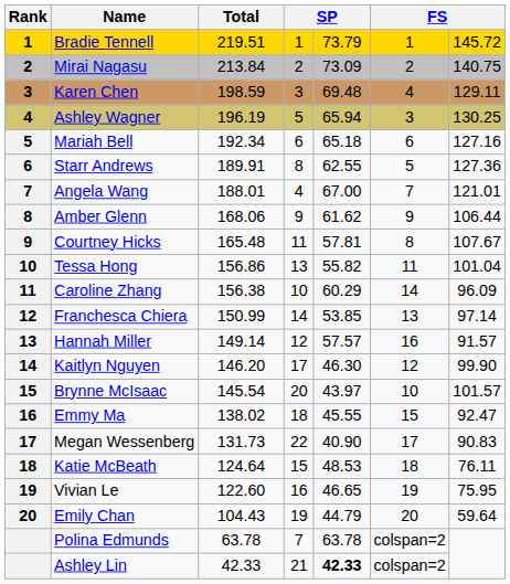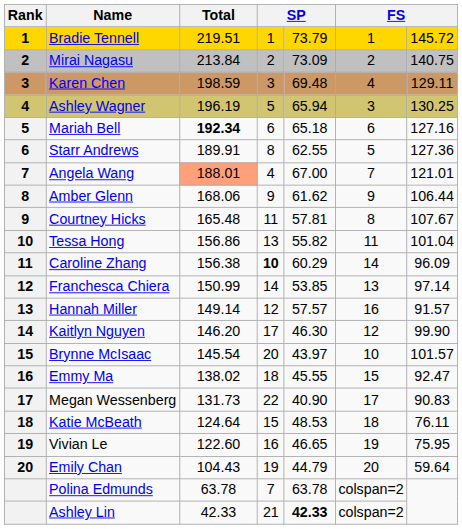 <table class="wikitable sortable">
 <tr>
 <th>Rank</th>
 <th>Name</th>
 <th width="80px">Total</th>
 <th colspan="2" width="80px"><a href='#'>SP</a></th>
 <th colspan="2" width="80px"><a href='#'>FS</a></th>
 </tr>
 <tr bgcolor="gold">
 <td align="center"><strong>1</strong></td>
 <td><a href='#'>Bradie Tennell</a></td>
 <td align="center">219.51</td>
 <td align="center">1</td>
 <td align="center">73.79</td>
 <td align="center">1</td>
 <td align="center">145.72</td>
 </tr>
 <tr bgcolor="silver">
 <td align="center"><strong>2</strong></td>
 <td><a href='#'>Mirai Nagasu</a></td>
 <td align="center">213.84</td>
 <td align="center">2</td>
 <td align="center">73.09</td>
 <td align="center">2</td>
 <td align="center">140.75</td>
 </tr>
 <tr bgcolor="cc9966">
 <td align="center"><strong>3</strong></td>
 <td><a href='#'>Karen Chen</a></td>
 <td align="center">198.59</td>
 <td align="center">3</td>
 <td align="center">69.48</td>
 <td align="center">4</td>
 <td align="center">129.11</td>
 </tr>
 <tr bgcolor="#d1c571">
 <td align="center"><strong>4</strong></td>
 <td><a href='#'>Ashley Wagner</a></td>
 <td align="center">196.19</td>
 <td align="center">5</td>
 <td align="center">65.94</td>
 <td align="center">3</td>
 <td align="center">130.25</td>
 </tr>
 <tr>
 <th>5</th>
 <td><a href='#'>Mariah Bell</a></td>
-<td align="center">192.34</td>
+<td align="center"><strong>192.34</strong></td>
 <td align="center">6</td>
 <td align="center">65.18</td>
 <td align="center">6</td>
 <td align="center">127.16</td>
 </tr>
 <tr>
 <th>6</th>
 <td><a href='#'>Starr Andrews</a></td>
 <td align="center">189.91</td>
 <td align="center">8</td>
 <td align="center">62.55</td>
 <td align="center">5</td>
 <td align="center">127.36</td>
 </tr>
 <tr>
 <th>7</th>
 <td><a href='#'>Angela Wang</a></td>
-<td align="center">188.01</td>
+<td align="center" style="background: lightsalmon;">188.01</td>
 <td align="center">4</td>
 <td align="center">67.00</td>
 <td align="center">7</td>
 <td align="center">121.01</td>
 </tr>
 <tr>
 <th>8</th>
 <td><a href='#'>Amber Glenn</a></td>
 <td align="center">168.06</td>
 <td align="center">9</td>
 <td align="center">61.62</td>
 <td align="center">9</td>
 <td align="center">106.44</td>
 </tr>
 <tr>
 <th>9</th>
 <td><a href='#'>Courtney Hicks</a></td>
 <td align="center">165.48</td>
 <td align="center">11</td>
 <td align="center">57.81</td>
 <td align="center">8</td>
 <td align="center">107.67</td>
 </tr>
 <tr>
 <th>10</th>
 <td><a href='#'>Tessa Hong</a></td>
 <td align="center">156.86</td>
 <td align="center">13</td>
 <td align="center">55.82</td>
 <td align="center">11</td>
 <td align="center">101.04</td>
 </tr>
 <tr>
 <th>11</th>
 <td><a href='#'>Caroline Zhang</a></td>
 <td align="center">156.38</td>
-<td align="center">10</td>
+<td align="center"><strong>10</strong></td>
 <td align="center">60.29</td>
 <td align="center">14</td>
 <td align="center">96.09</td>
 </tr>
 <tr>
 <th>12</th>
 <td><a href='#'>Franchesca Chiera</a></td>
 <td align="center">150.99</td>
 <td align="center">14</td>
 <td align="center">53.85</td>
 <td align="center">13</td>
 <td align="center">97.14</td>
 </tr>
 <tr>
 <th>13</th>
 <td><a href='#'>Hannah Miller</a></td>
 <td align="center">149.14</td>
 <td align="center">12</td>
 <td align="center">57.57</td>
 <td align="center">16</td>
 <td align="center">91.57</td>
 </tr>
 <tr>
 <th>14</th>
 <td><a href='#'>Kaitlyn Nguyen</a></td>
 <td align="center">146.20</td>
 <td align="center">17</td>
 <td align="center">46.30</td>
 <td align="center">12</td>
 <td align="center">99.90</td>
 </tr>
 <tr>
 <th>15</th>
 <td><a href='#'>Brynne McIsaac</a></td>
 <td align="center">145.54</td>
 <td align="center">20</td>
 <td align="center">43.97</td>
 <td align="center">10</td>
 <td align="center">101.57</td>
 </tr>
 <tr>
 <th>16</th>
 <td><a href='#'>Emmy Ma</a></td>
 <td align="center">138.02</td>
 <td align="center">18</td>
 <td align="center">45.55</td>
 <td align="center">15</td>
 <td align="center">92.47</td>
 </tr>
 <tr>
 <th>17</th>
 <td>Megan Wessenberg</td>
 <td align="center">131.73</td>
 <td align="center">22</td>
 <td align="center">40.90</td>
 <td align="center">17</td>
 <td align="center">90.83</td>
 </tr>
 <tr>
 <th>18</th>
 <td><a href='#'>Katie McBeath</a></td>
 <td align="center">124.64</td>
 <td align="center">15</td>
 <td align="center">48.53</td>
 <td align="center">18</td>
 <td align="center">76.11</td>
 </tr>
 <tr>
 <th>19</th>
 <td>Vivian Le</td>
 <td align="center">122.60</td>
 <td align="center">16</td>
 <td align="center">46.65</td>
 <td align="center">19</td>
 <td align="center">75.95</td>
 </tr>
 <tr>
 <th>20</th>
 <td><a href='#'>Emily Chan</a></td>
 <td align="center">104.43</td>
 <td align="center">19</td>
 <td align="center">44.79</td>
 <td align="center">20</td>
 <td align="center">59.64</td>
 </tr>
 <tr>
 <th></th>
 <td><a href='#'>Polina Edmunds</a></td>
 <td align="center">63.78</td>
 <td align="center">7</td>
 <td align="center">63.78</td>
 <td>colspan=2 </td>
 </tr>
 <tr>
 <th></th>
 <td><a href='#'>Ashley Lin</a></td>
 <td align="center">42.33</td>
 <td align="center">21</td>
 <td align="center"><strong>42.33</strong></td>
 <td>colspan=2 </td>
 </tr>
 </table>
